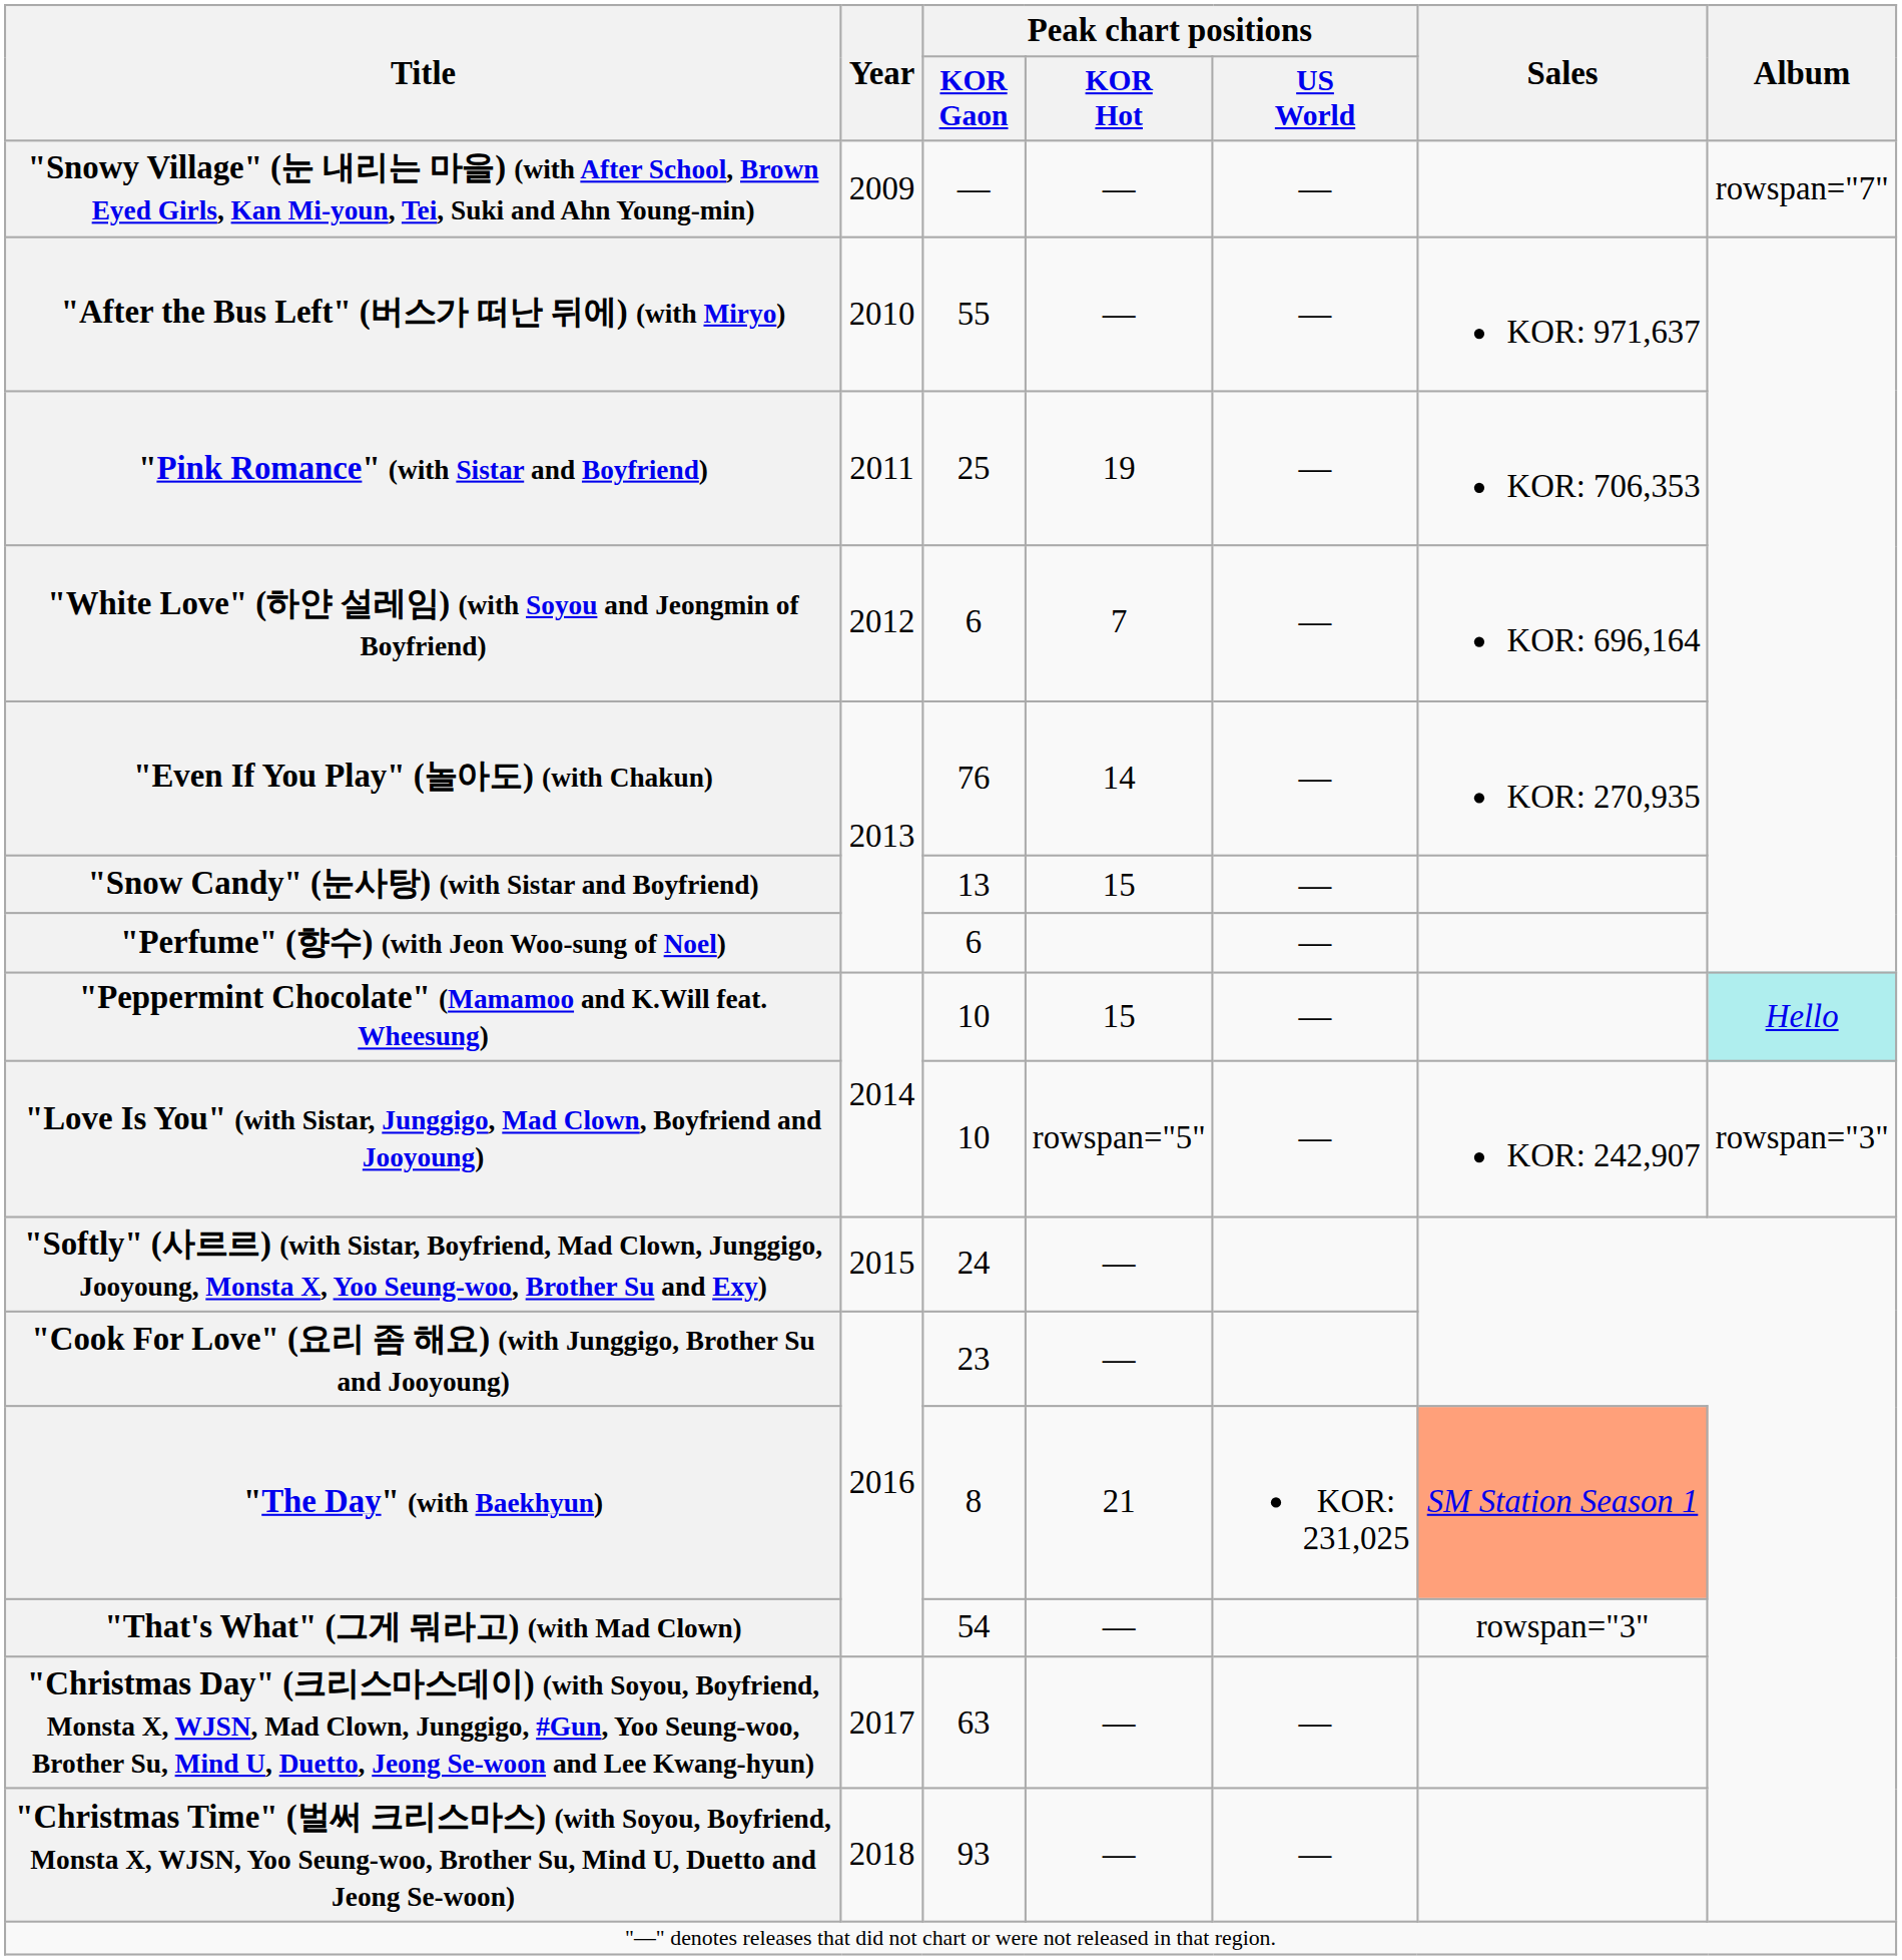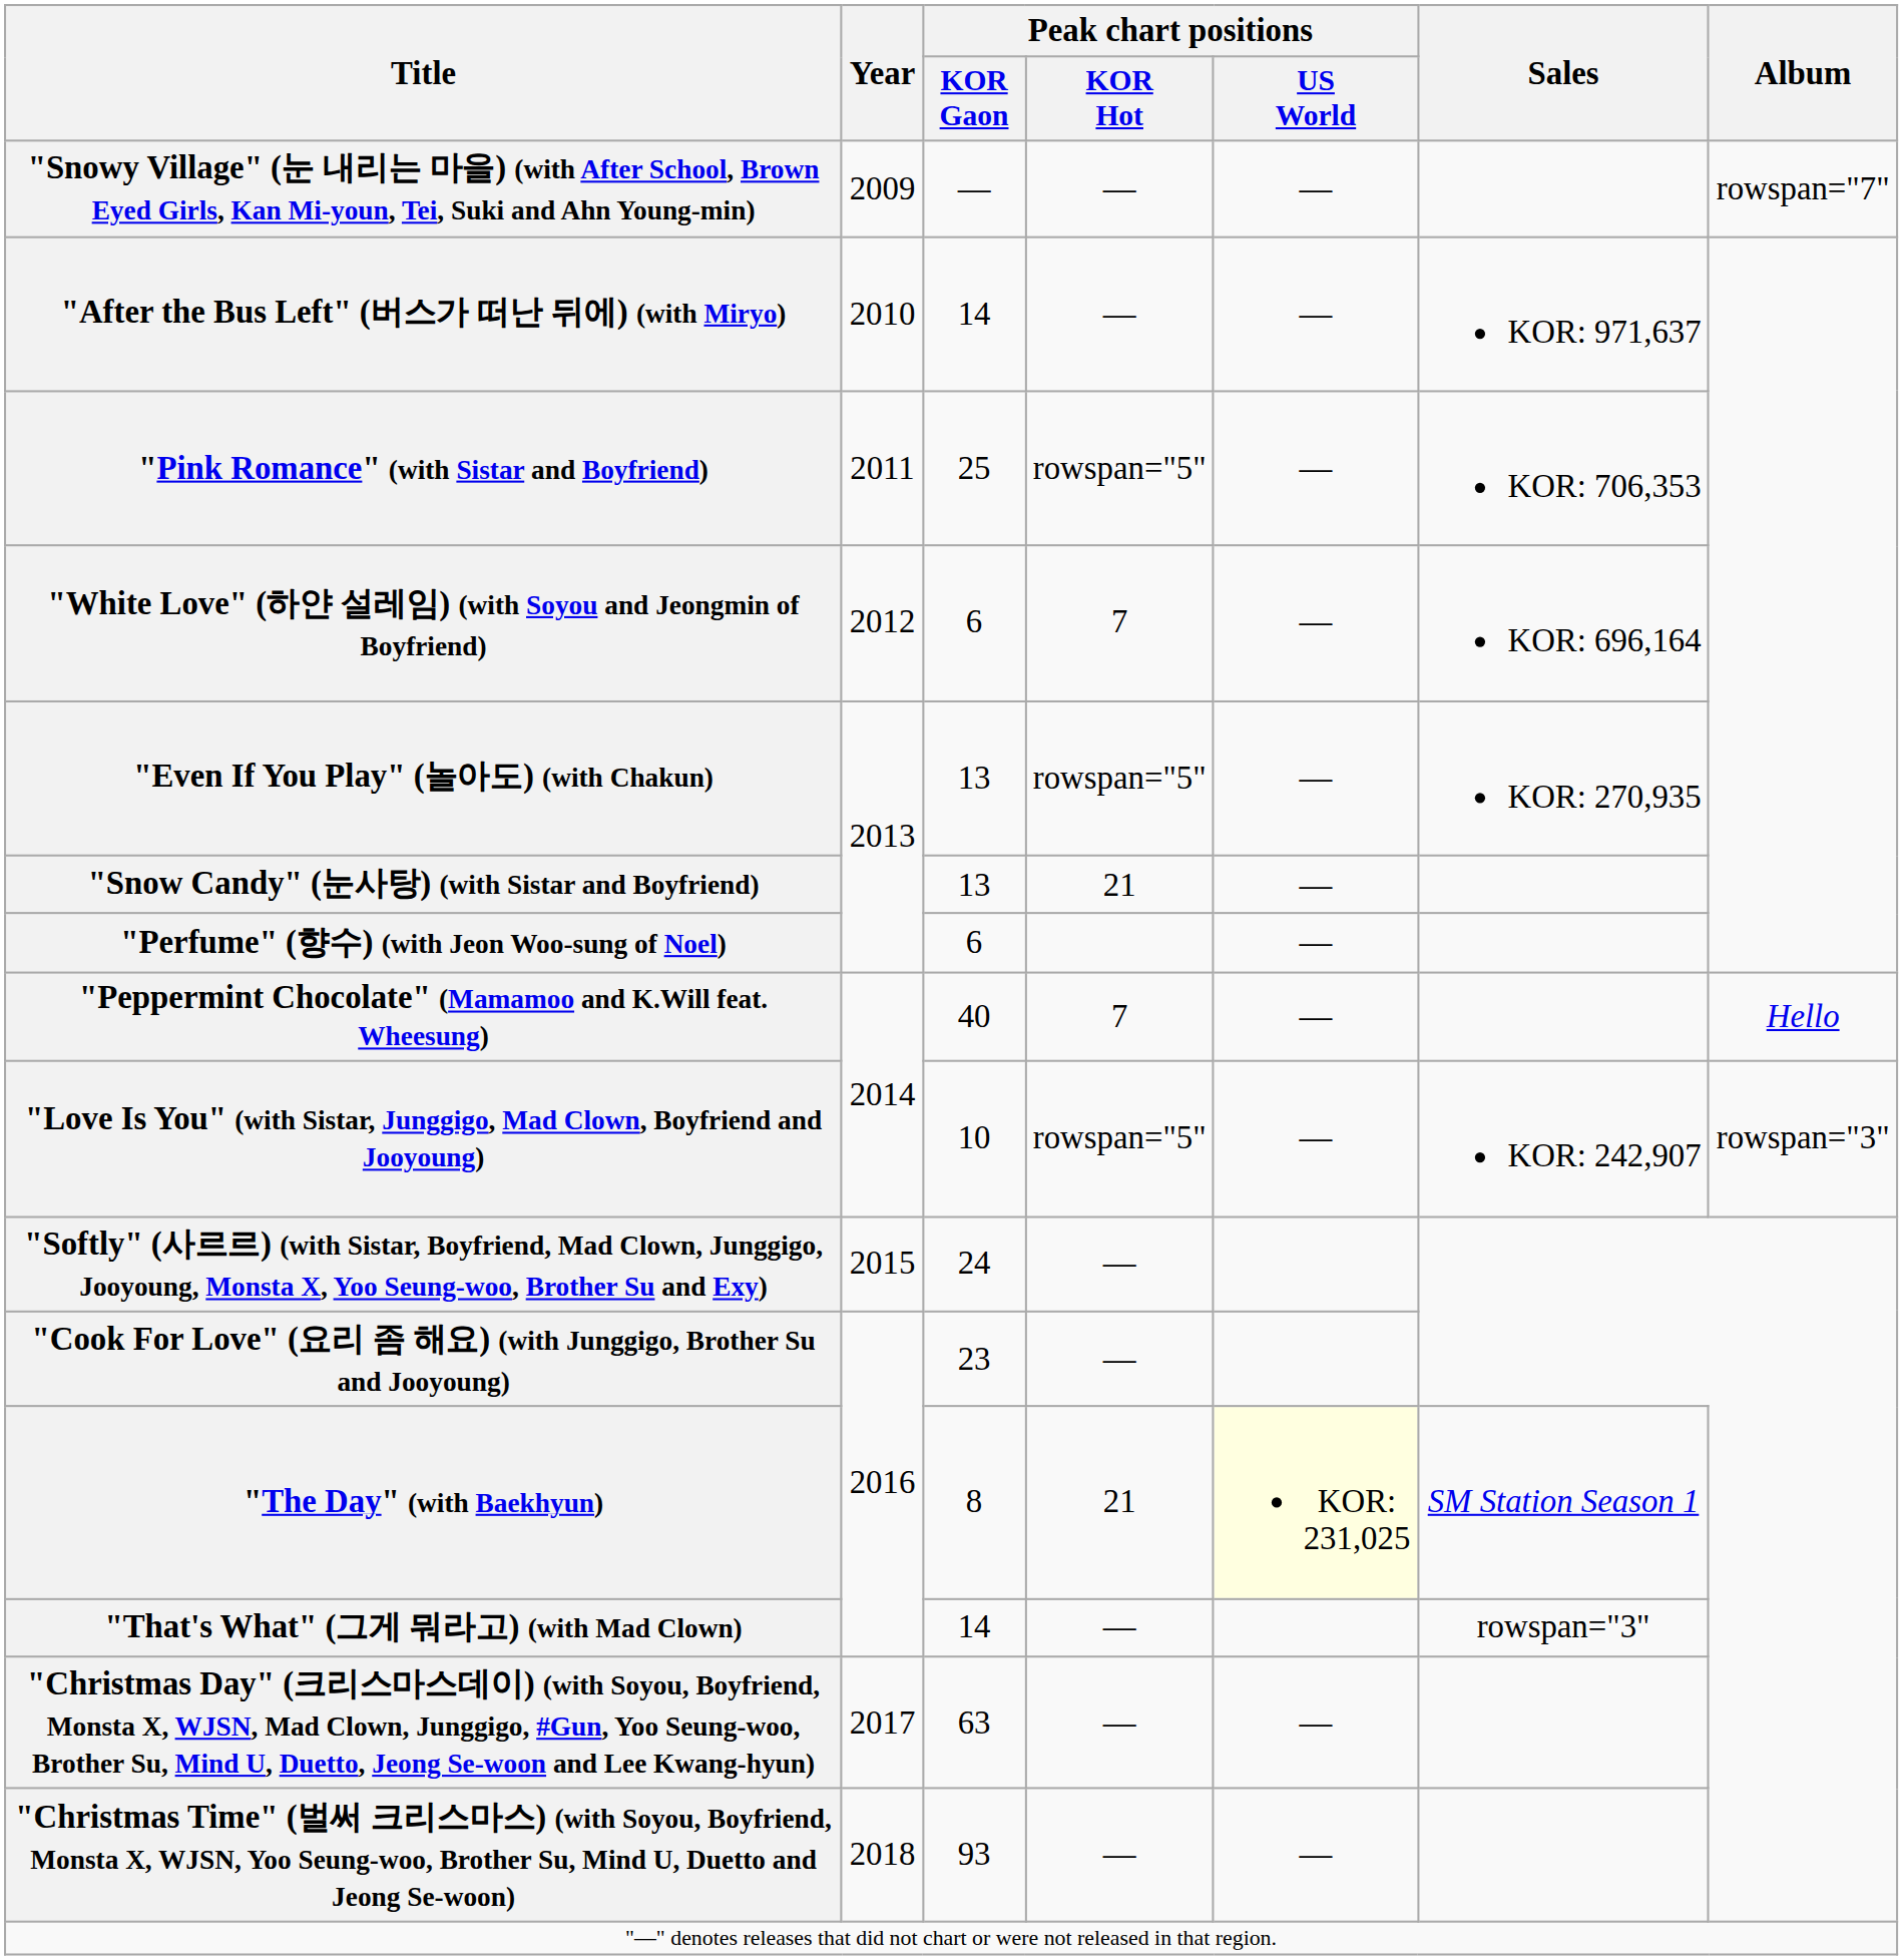 <table class="wikitable plainrowheaders" style="text-align:center;">
 <tr>
 <th scope="col" rowspan="2" style="width:25em;">Title</th>
 <th scope="col" rowspan="2" style="width:2em;">Year</th>
 <th scope="col" colspan="3">Peak chart positions</th>
 <th scope="col" rowspan="2">Sales</th>
 <th scope="col" rowspan="2">Album</th>
 </tr>
 <tr>
 <th scope="col" style="width:3em;font-size:90%;"><a href='#'>KOR<br>Gaon</a><br></th>
 <th scope="col" style="width:3em;font-size:90%;"><a href='#'>KOR<br>Hot</a><br></th>
 <th scope="col" style="width:3em;font-size:90%;"><a href='#'>US<br>World</a><br></th>
 </tr>
 <tr>
 <th scope="row">"Snowy Village" (눈 내리는 마을) <small>(with <a href='#'>After School</a>, <a href='#'>Brown Eyed Girls</a>, <a href='#'>Kan Mi-youn</a>, <a href='#'>Tei</a>, Suki and Ahn Young-min)</small></th>
 <td>2009</td>
 <td>—</td>
 <td>—</td>
 <td>—</td>
 <td></td>
 <td>rowspan="7" </td>
 </tr>
 <tr>
 <th scope="row">"After the Bus Left" (버스가 떠난 뒤에) <small>(with <a href='#'>Miryo</a>)</small></th>
 <td>2010</td>
-<td>55</td>
+<td>14</td>
 <td>—</td>
 <td>—</td>
 <td><br><ul><li>KOR: 971,637</li></ul></td>
 </tr>
 <tr>
 <th scope="row">"<a href='#'>Pink Romance</a>" <small>(with <a href='#'>Sistar</a> and <a href='#'>Boyfriend</a>)</small></th>
 <td>2011</td>
 <td>25</td>
-<td>19</td>
+<td>rowspan="5" </td>
 <td>—</td>
 <td><br><ul><li>KOR: 706,353</li></ul></td>
 </tr>
 <tr>
 <th scope="row">"White Love" (하얀 설레임) <small>(with <a href='#'>Soyou</a> and Jeongmin of Boyfriend)</small></th>
 <td>2012</td>
 <td>6</td>
 <td>7</td>
 <td>—</td>
 <td><br><ul><li>KOR: 696,164</li></ul></td>
 </tr>
 <tr>
 <th scope="row">"Even If You Play" (놀아도) <small>(with Chakun)</small></th>
 <td rowspan="3">2013</td>
-<td>76</td>
-<td>14</td>
+<td>13</td>
+<td>rowspan="5" </td>
 <td>—</td>
 <td><br><ul><li>KOR: 270,935</li></ul></td>
 </tr>
 <tr>
 <th scope="row">"Snow Candy" (눈사탕) <small>(with Sistar and Boyfriend)</small></th>
 <td>13</td>
-<td>15</td>
+<td>21</td>
 <td>—</td>
 <td></td>
 </tr>
 <tr>
 <th scope="row">"Perfume" (향수) <small>(with Jeon Woo-sung of <a href='#'>Noel</a>)</small></th>
 <td>6</td>
 <td></td>
 <td>—</td>
 <td></td>
 </tr>
 <tr>
 <th scope="row">"Peppermint Chocolate" <small>(<a href='#'>Mamamoo</a> and K.Will feat. <a href='#'>Wheesung</a>)</small></th>
 <td rowspan="2">2014</td>
-<td>10</td>
-<td>15</td>
+<td>40</td>
+<td>7</td>
 <td>—</td>
 <td></td>
-<td style="background: paleturquoise;"><em><a href='#'>Hello</a></em></td>
+<td><em><a href='#'>Hello</a></em></td>
 </tr>
 <tr>
 <th scope="row">"Love Is You" <small>(with Sistar, <a href='#'>Junggigo</a>, <a href='#'>Mad Clown</a>, Boyfriend and <a href='#'>Jooyoung</a>)</small></th>
 <td>10</td>
 <td>rowspan="5" </td>
 <td>—</td>
 <td><br><ul><li>KOR: 242,907</li></ul></td>
 <td>rowspan="3" </td>
 </tr>
 <tr>
 <th scope="row">"Softly" (사르르) <small>(with Sistar, Boyfriend, Mad Clown, Junggigo, Jooyoung, <a href='#'>Monsta X</a>, <a href='#'>Yoo Seung-woo</a>, <a href='#'>Brother Su</a> and <a href='#'>Exy</a>)</small></th>
 <td>2015</td>
 <td>24</td>
 <td>—</td>
 <td></td>
 </tr>
 <tr>
 <th scope="row">"Cook For Love" (요리 좀 해요) <small>(with Junggigo, Brother Su and Jooyoung)</small></th>
 <td rowspan="3">2016</td>
 <td>23</td>
 <td>—</td>
 <td></td>
 </tr>
 <tr>
 <th scope="row">"<a href='#'>The Day</a>" <small>(with <a href='#'>Baekhyun</a>)</small></th>
 <td>8</td>
 <td>21</td>
-<td><br><ul><li>KOR: 231,025</li></ul></td>
-<td style="background: lightsalmon;"><em><a href='#'>SM Station Season 1</a></em></td>
+<td style="background: lightyellow;"><br><ul><li>KOR: 231,025</li></ul></td>
+<td><em><a href='#'>SM Station Season 1</a></em></td>
 </tr>
 <tr>
 <th scope="row">"That's What" (그게 뭐라고) <small>(with Mad Clown)</small></th>
-<td>54</td>
+<td>14</td>
 <td>—</td>
 <td></td>
 <td>rowspan="3" </td>
 </tr>
 <tr>
 <th scope="row">"Christmas Day" (크리스마스데이) <small>(with Soyou, Boyfriend, Monsta X, <a href='#'>WJSN</a>, Mad Clown, Junggigo, <a href='#'>#Gun</a>, Yoo Seung-woo, Brother Su, <a href='#'>Mind U</a>, <a href='#'>Duetto</a>, <a href='#'>Jeong Se-woon</a> and Lee Kwang-hyun)</small></th>
 <td>2017</td>
 <td>63</td>
 <td>—</td>
 <td>—</td>
 <td></td>
 </tr>
 <tr>
 <th scope="row">"Christmas Time" (벌써 크리스마스) <small>(with Soyou, Boyfriend, Monsta X, WJSN, Yoo Seung-woo, Brother Su, Mind U, Duetto and Jeong Se-woon)</small></th>
 <td>2018</td>
 <td>93</td>
 <td>—</td>
 <td>—</td>
 <td></td>
 </tr>
 <tr>
 <td colspan="7" style="font-size:8pt">"—" denotes releases that did not chart or were not released in that region.</td>
 </tr>
 </table>
